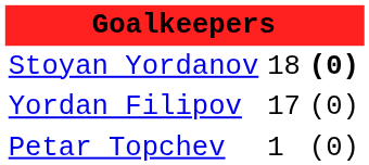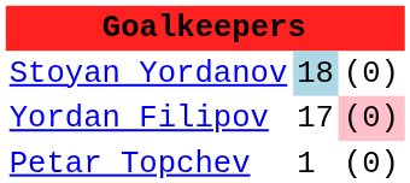 <table class="toccolours" border="0" cellpadding="2" cellspacing="0" align="left" style="margin:0.5em;">
 <tr>
 <th colspan="4" align="center" bgcolor="#FF2020"><span>Goalkeepers</span></th>
 </tr>
 <tr>
 <td> <a href='#'>Stoyan Yordanov</a></td>
-<td>18</td>
-<td><strong>(0)</strong></td>
+<td style="background: lightblue;">18</td>
+<td>(0)</td>
 </tr>
 <tr>
 <td> <a href='#'>Yordan Filipov</a></td>
 <td>17</td>
-<td>(0)</td>
+<td style="background: pink;">(0)</td>
 </tr>
 <tr>
 <td> <a href='#'>Petar Topchev</a></td>
 <td>1</td>
 <td>(0)</td>
 </tr>
 <tr>
 </tr>
 </table>
